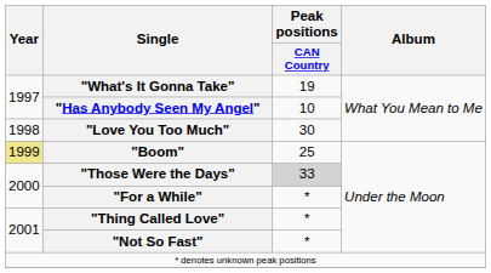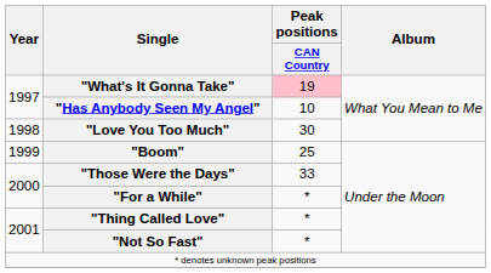 <table class="wikitable plainrowheaders" style="text-align:center;">
 <tr>
 <th rowspan="2">Year</th>
 <th rowspan="2" style="width:16em;">Single</th>
 <th>Peak positions</th>
 <th rowspan="2">Album</th>
 </tr>
 <tr style="font-size:smaller;">
 <th width="65"><a href='#'>CAN Country</a></th>
 </tr>
 <tr>
 <td rowspan="2">1997</td>
 <th scope="row">"What's It Gonna Take"</th>
-<td>19</td>
+<td style="background: pink;">19</td>
 <td align="left" rowspan="3"><em>What You Mean to Me</em></td>
 </tr>
 <tr>
 <th scope="row">"<a href='#'>Has Anybody Seen My Angel</a>"</th>
 <td>10</td>
 </tr>
 <tr>
 <td>1998</td>
 <th scope="row">"Love You Too Much"</th>
 <td>30</td>
 </tr>
 <tr>
-<td style="background: khaki;">1999</td>
+<td>1999</td>
 <th scope="row">"Boom"</th>
 <td>25</td>
 <td align="left" rowspan="5"><em>Under the Moon</em></td>
 </tr>
 <tr>
 <td rowspan="2">2000</td>
 <th scope="row">"Those Were the Days"</th>
-<td style="background: lightgrey;">33</td>
+<td>33</td>
 </tr>
 <tr>
 <th scope="row">"For a While"</th>
 <td>*</td>
 </tr>
 <tr>
 <td rowspan="2">2001</td>
 <th scope="row">"Thing Called Love"</th>
 <td>*</td>
 </tr>
 <tr>
 <th scope="row">"Not So Fast"</th>
 <td>*</td>
 </tr>
 <tr>
 <td colspan="4" style="font-size:8pt">* denotes unknown peak positions</td>
 </tr>
 <tr>
 </tr>
 </table>
